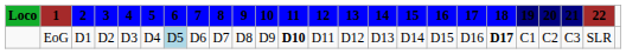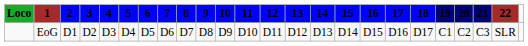 <table class="wikitable plainrowheaders unsortable" style="text-align:center">
 <tr>
 <th scope="col" rowspan="1" style="background:#12ad2b;"><span> Loco</span></th>
 <th scope="col" rowspan="1" style="background:#A52A2A;"><span> 1</span></th>
 <th scope="col" rowspan="1" style="background:#0000FF;"><span> 2</span></th>
 <th scope="col" rowspan="1" style="background:#0000FF;"><span> 3</span></th>
 <th scope="col" rowspan="1" style="background:#0000FF;"><span> 4</span></th>
 <th scope="col" rowspan="1" style="background:#0000FF;"><span> 5</span></th>
 <th scope="col" rowspan="1" style="background:#0000FF;"><span> 6</span></th>
 <th scope="col" rowspan="1" style="background:#0000FF;"><span> 7</span></th>
 <th scope="col" rowspan="1" style="background:#0000FF;"><span> 8</span></th>
 <th scope="col" rowspan="1" style="background:#0000FF;"><span> 9</span></th>
 <th scope="col" rowspan="1" style="background:#0000FF;"><span> 10</span></th>
 <th scope="col" rowspan="1" style="background:#0000FF;"><span> 11</span></th>
 <th scope="col" rowspan="1" style="background:#0000FF;"><span> 12</span></th>
 <th scope="col" rowspan="1" style="background:#0000FF;"><span> 13</span></th>
 <th scope="col" rowspan="1" style="background:#0000FF;"><span> 14</span></th>
 <th scope="col" rowspan="1" style="background:#0000FF;"><span> 15</span></th>
 <th scope="col" rowspan="1" style="background:#0000FF;"><span> 16</span></th>
 <th scope="col" rowspan="1" style="background:#0000FF;"><span> 17</span></th>
 <th scope="col" rowspan="1" style="background:#0000FF;"><span> 18</span></th>
 <th scope="col" rowspan="1" style="background:#000080;"><span> 19</span></th>
 <th scope="col" rowspan="1" style="background:#000080;"><span> 20</span></th>
 <th scope="col" rowspan="1" style="background:#000080;"><span> 21</span></th>
 <th scope="col" rowspan="1" style="background:#A52A2A;"><span> 22</span></th>
 </tr>
 <tr>
 <td></td>
 <td>EoG</td>
 <td>D1</td>
 <td>D2</td>
 <td>D3</td>
 <td>D4</td>
-<td style="background: lightblue;">D5</td>
+<td>D5</td>
 <td>D6</td>
 <td>D7</td>
 <td>D8</td>
 <td>D9</td>
-<td><strong>D10</strong></td>
+<td>D10</td>
 <td>D11</td>
 <td>D12</td>
 <td>D13</td>
 <td>D14</td>
 <td>D15</td>
 <td>D16</td>
-<td><strong>D17</strong></td>
+<td>D17</td>
 <td>C1</td>
 <td>C2</td>
 <td>C3</td>
 <td>SLR</td>
 <td></td>
 </tr>
 </table>
